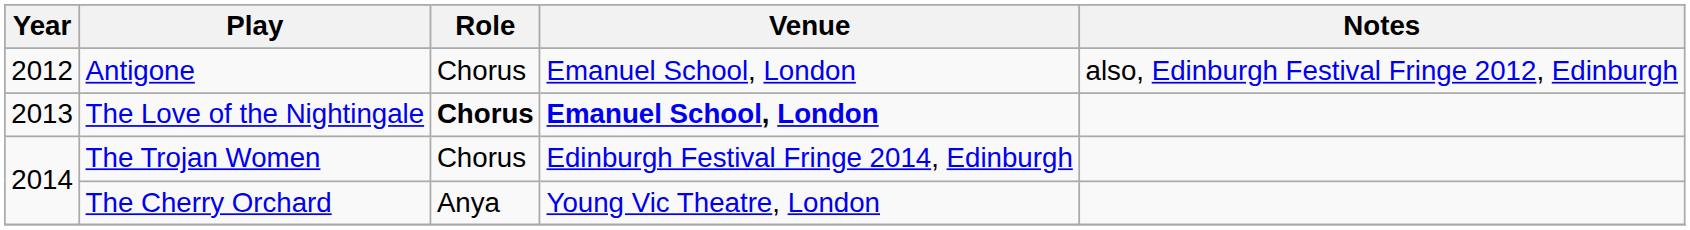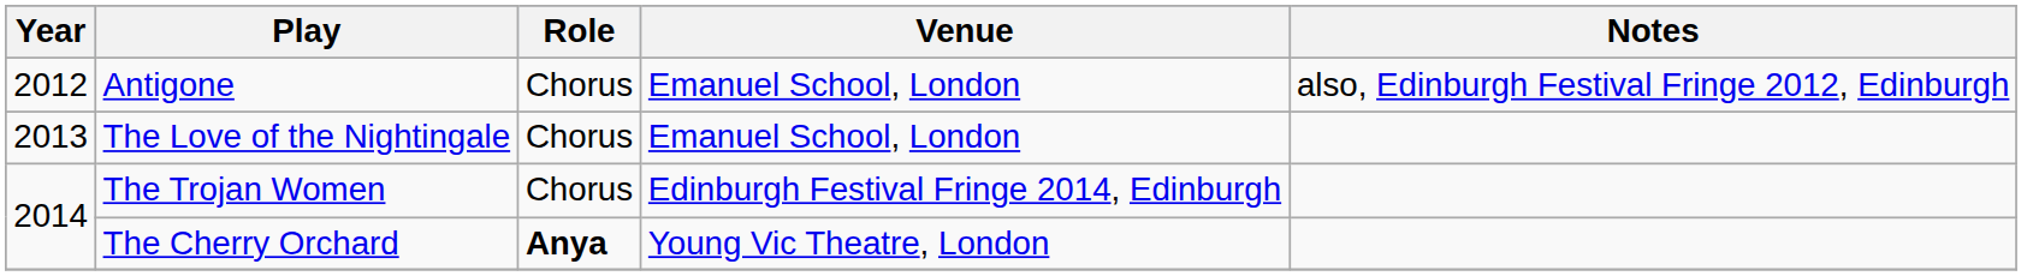 <table class="wikitable">
 <tr style="background:#b0c4de; text-align:center;">
 <th>Year</th>
 <th>Play</th>
 <th>Role</th>
 <th>Venue</th>
 <th>Notes</th>
 </tr>
 <tr>
 <td>2012</td>
 <td><a href='#'>Antigone</a></td>
 <td>Chorus</td>
 <td><a href='#'>Emanuel School</a>, <a href='#'>London</a></td>
 <td>also, <a href='#'>Edinburgh Festival Fringe 2012</a>, <a href='#'>Edinburgh</a></td>
 </tr>
 <tr>
 <td>2013</td>
 <td><a href='#'>The Love of the Nightingale</a></td>
-<td><strong>Chorus</strong></td>
-<td><strong><a href='#'>Emanuel School</a>, <a href='#'>London</a></strong></td>
+<td>Chorus</td>
+<td><a href='#'>Emanuel School</a>, <a href='#'>London</a></td>
 <td></td>
 </tr>
 <tr>
 <td rowspan="2">2014</td>
 <td><a href='#'>The Trojan Women</a></td>
 <td>Chorus</td>
 <td><a href='#'>Edinburgh Festival Fringe 2014</a>, <a href='#'>Edinburgh</a></td>
 <td></td>
 </tr>
 <tr>
 <td><a href='#'>The Cherry Orchard</a></td>
-<td>Anya</td>
+<td><strong>Anya</strong></td>
 <td><a href='#'>Young Vic Theatre</a>, <a href='#'>London</a></td>
 <td></td>
 </tr>
 <tr>
 </tr>
 </table>
